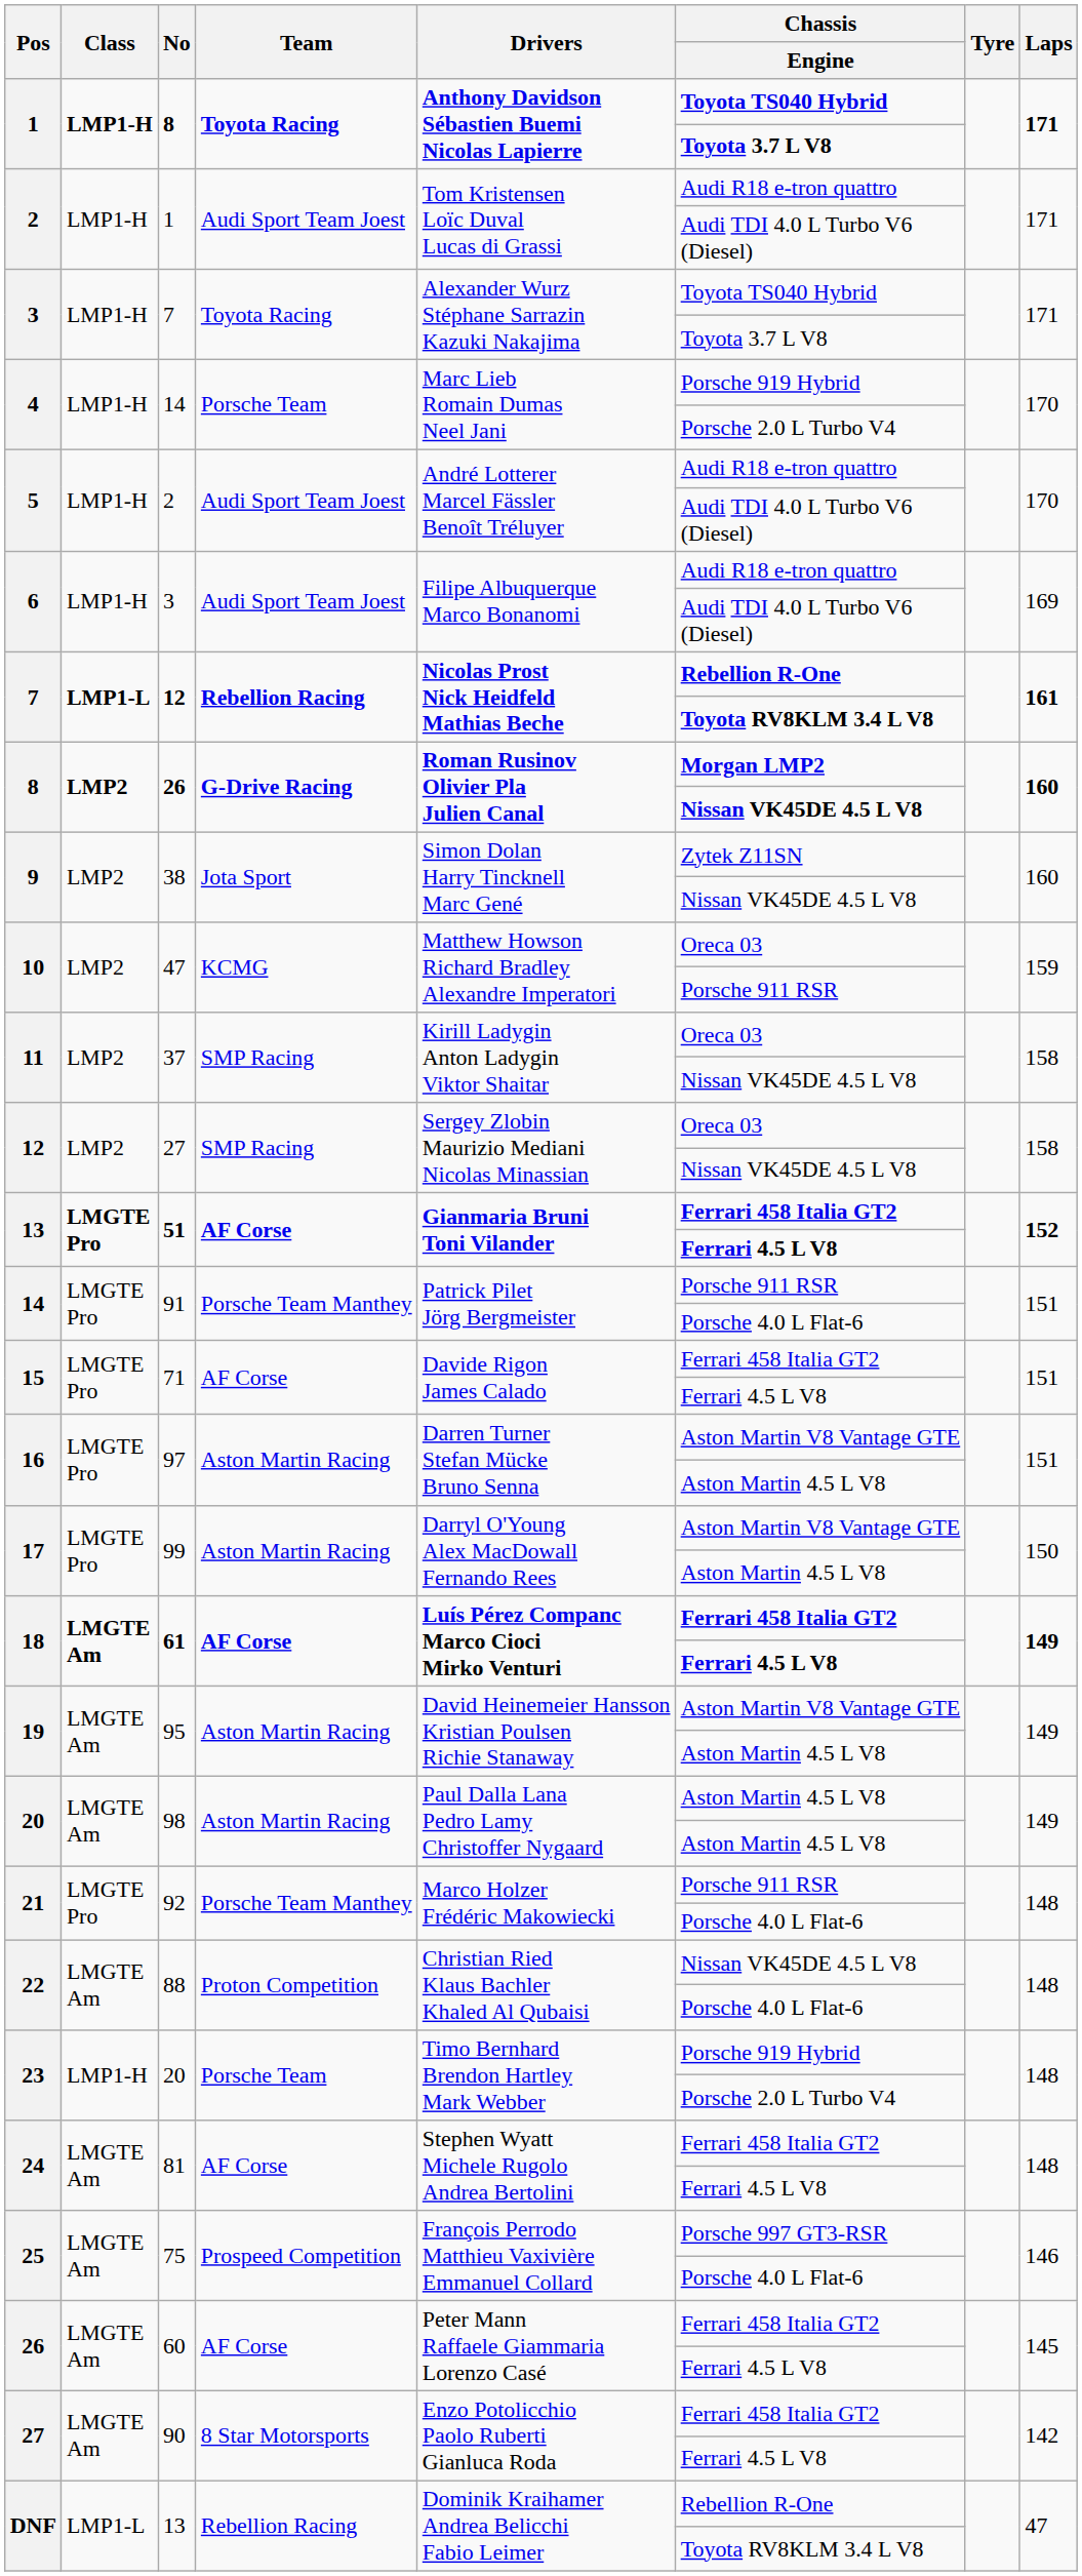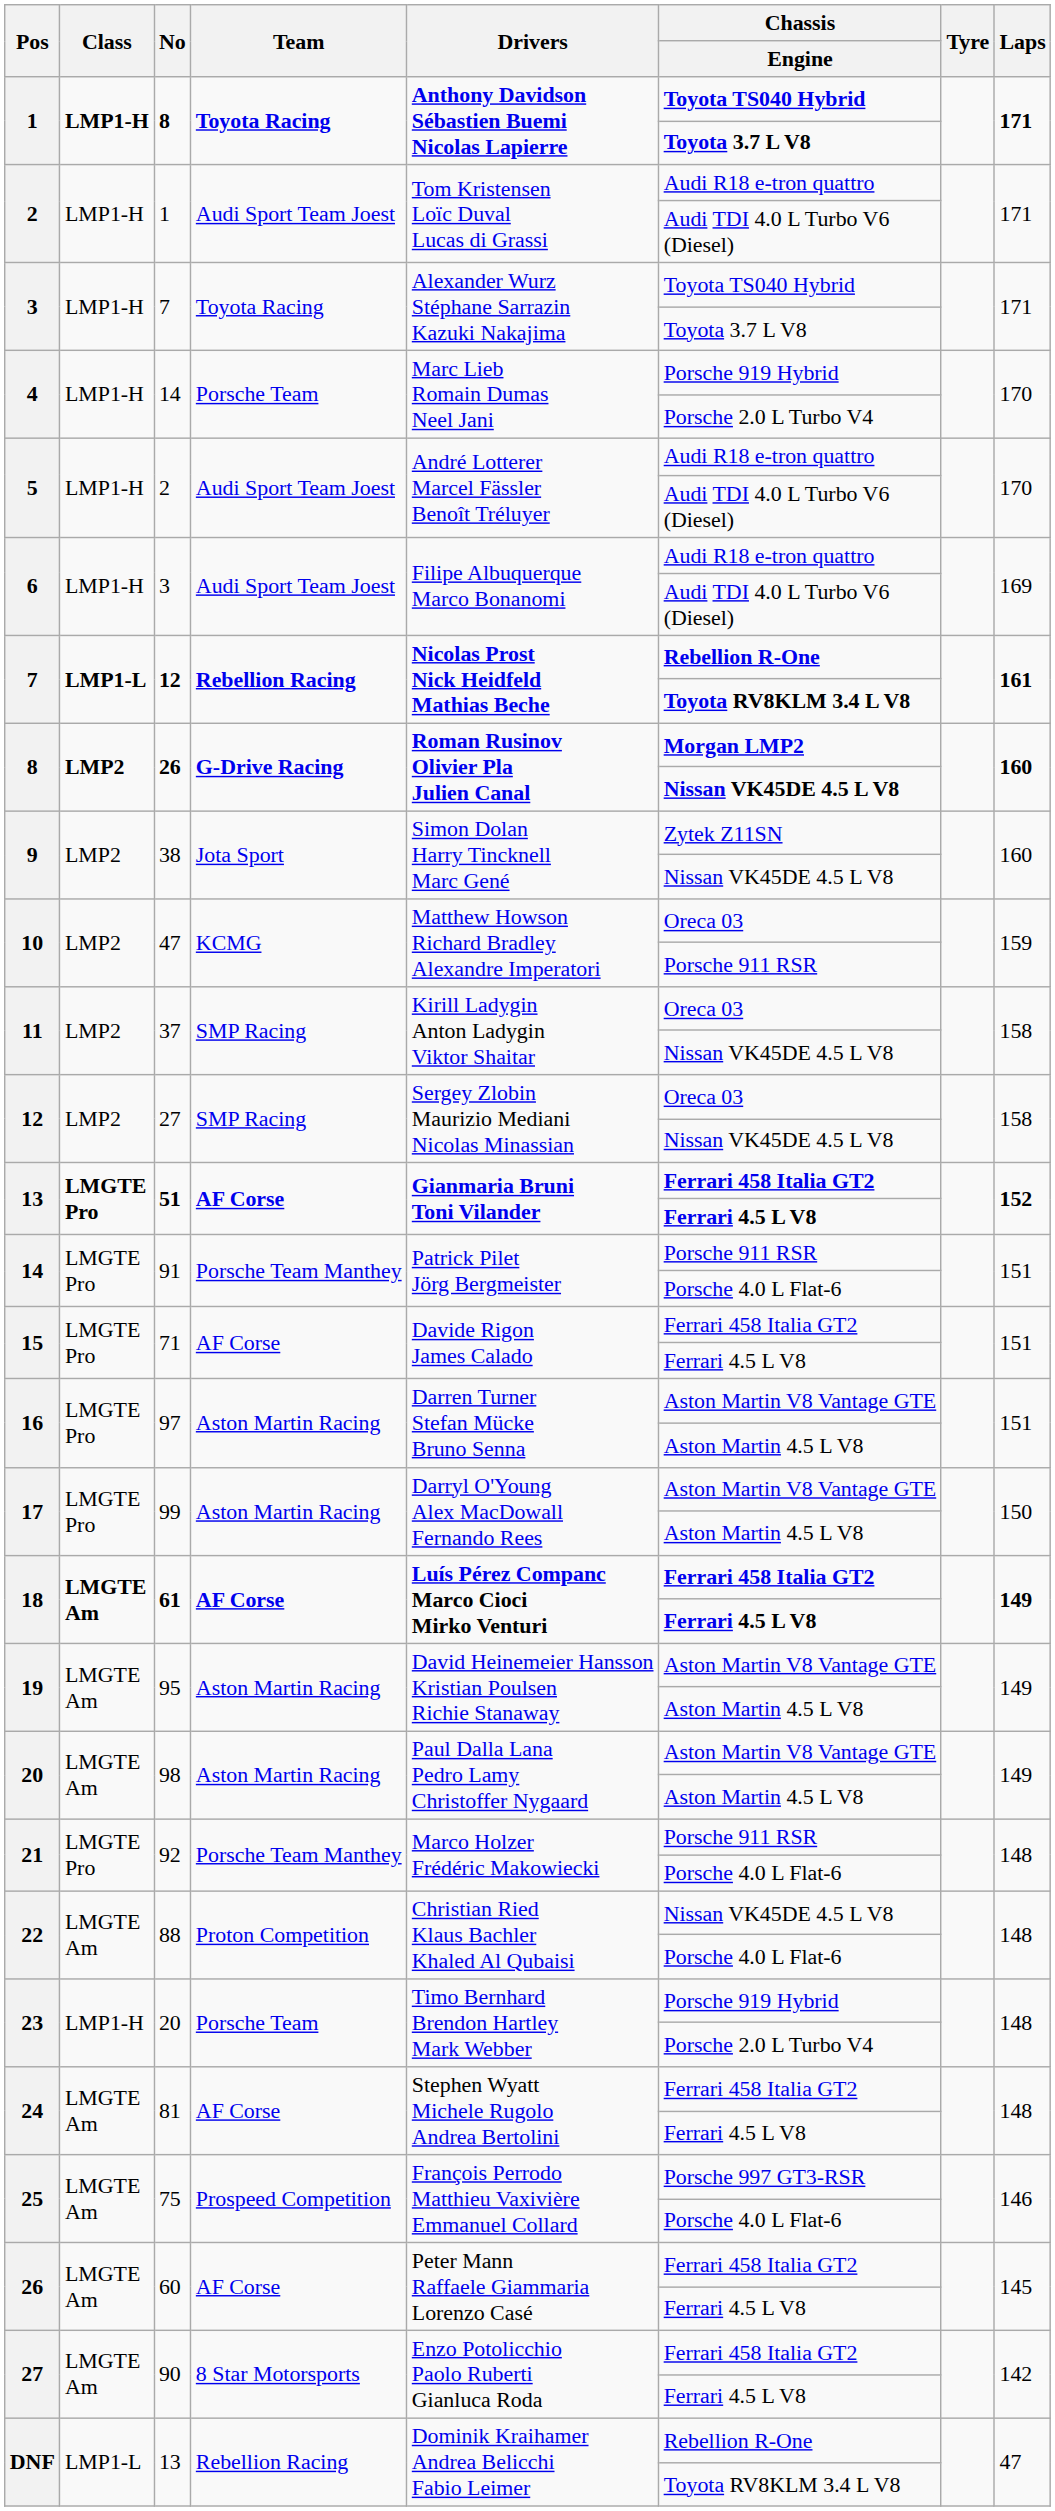 <table class="wikitable" style="font-size: 95%;">
 <tr>
 <th rowspan=2>Pos</th>
 <th rowspan=2>Class</th>
 <th rowspan=2>No</th>
 <th rowspan=2>Team</th>
 <th rowspan=2>Drivers</th>
 <th>Chassis</th>
 <th rowspan=2>Tyre</th>
 <th rowspan=2>Laps</th>
 </tr>
 <tr>
 <th>Engine</th>
 </tr>
 <tr style="font-weight:bold">
 <th rowspan=2>1</th>
 <td rowspan=2>LMP1-H</td>
 <td rowspan=2>8</td>
 <td rowspan=2> <a href='#'>Toyota Racing</a></td>
 <td rowspan=2> <a href='#'>Anthony Davidson</a><br> <a href='#'>Sébastien Buemi</a><br> <a href='#'>Nicolas Lapierre</a></td>
 <td><a href='#'>Toyota TS040 Hybrid</a></td>
 <td rowspan=2></td>
 <td rowspan=2>171</td>
 </tr>
 <tr style="font-weight:bold">
 <td><a href='#'>Toyota</a> 3.7 L V8</td>
 </tr>
 <tr>
 <th rowspan=2>2</th>
 <td rowspan=2>LMP1-H</td>
 <td rowspan=2>1</td>
 <td rowspan=2> <a href='#'>Audi Sport Team Joest</a></td>
 <td rowspan=2> <a href='#'>Tom Kristensen</a><br> <a href='#'>Loïc Duval</a><br> <a href='#'>Lucas di Grassi</a></td>
 <td><a href='#'>Audi R18 e-tron quattro</a></td>
 <td rowspan=2></td>
 <td rowspan=2>171</td>
 </tr>
 <tr>
 <td><a href='#'>Audi</a> <a href='#'>TDI</a> 4.0 L Turbo V6<br>(Diesel)</td>
 </tr>
 <tr>
 <th rowspan=2>3</th>
 <td rowspan=2>LMP1-H</td>
 <td rowspan=2>7</td>
 <td rowspan=2> <a href='#'>Toyota Racing</a></td>
 <td rowspan=2> <a href='#'>Alexander Wurz</a><br> <a href='#'>Stéphane Sarrazin</a><br> <a href='#'>Kazuki Nakajima</a></td>
 <td><a href='#'>Toyota TS040 Hybrid</a></td>
 <td rowspan=2></td>
 <td rowspan=2>171</td>
 </tr>
 <tr>
 <td><a href='#'>Toyota</a> 3.7 L V8</td>
 </tr>
 <tr>
 <th rowspan=2>4</th>
 <td rowspan=2>LMP1-H</td>
 <td rowspan=2>14</td>
 <td rowspan=2> <a href='#'>Porsche Team</a></td>
 <td rowspan=2> <a href='#'>Marc Lieb</a><br> <a href='#'>Romain Dumas</a><br> <a href='#'>Neel Jani</a></td>
 <td><a href='#'>Porsche 919 Hybrid</a></td>
 <td rowspan=2></td>
 <td rowspan=2>170</td>
 </tr>
 <tr>
 <td><a href='#'>Porsche</a> 2.0 L Turbo V4</td>
 </tr>
 <tr>
 <th rowspan=2>5</th>
 <td rowspan=2>LMP1-H</td>
 <td rowspan=2>2</td>
 <td rowspan=2> <a href='#'>Audi Sport Team Joest</a></td>
 <td rowspan=2> <a href='#'>André Lotterer</a><br> <a href='#'>Marcel Fässler</a><br> <a href='#'>Benoît Tréluyer</a></td>
 <td><a href='#'>Audi R18 e-tron quattro</a></td>
 <td rowspan=2></td>
 <td rowspan=2>170</td>
 </tr>
 <tr>
 <td><a href='#'>Audi</a> <a href='#'>TDI</a> 4.0 L Turbo V6<br>(Diesel)</td>
 </tr>
 <tr>
 <th rowspan=2>6</th>
 <td rowspan=2>LMP1-H</td>
 <td rowspan=2>3</td>
 <td rowspan=2> <a href='#'>Audi Sport Team Joest</a></td>
 <td rowspan=2> <a href='#'>Filipe Albuquerque</a><br> <a href='#'>Marco Bonanomi</a></td>
 <td><a href='#'>Audi R18 e-tron quattro</a></td>
 <td rowspan=2></td>
 <td rowspan=2>169</td>
 </tr>
 <tr>
 <td><a href='#'>Audi</a> <a href='#'>TDI</a> 4.0 L Turbo V6<br>(Diesel)</td>
 </tr>
 <tr style="font-weight:bold">
 <th rowspan=2>7</th>
 <td rowspan=2>LMP1-L</td>
 <td rowspan=2>12</td>
 <td rowspan=2> <a href='#'>Rebellion Racing</a></td>
 <td rowspan=2> <a href='#'>Nicolas Prost</a><br> <a href='#'>Nick Heidfeld</a><br> <a href='#'>Mathias Beche</a></td>
 <td><a href='#'>Rebellion R-One</a></td>
 <td rowspan=2></td>
 <td rowspan=2>161</td>
 </tr>
 <tr style="font-weight:bold">
 <td><a href='#'>Toyota</a> RV8KLM 3.4 L V8</td>
 </tr>
 <tr style="font-weight:bold">
 <th rowspan=2>8</th>
 <td rowspan=2>LMP2</td>
 <td rowspan=2>26</td>
 <td rowspan=2> <a href='#'>G-Drive Racing</a></td>
 <td rowspan=2> <a href='#'>Roman Rusinov</a><br> <a href='#'>Olivier Pla</a><br> <a href='#'>Julien Canal</a></td>
 <td><a href='#'>Morgan LMP2</a></td>
 <td rowspan=2></td>
 <td rowspan=2>160</td>
 </tr>
 <tr style="font-weight:bold">
 <td><a href='#'>Nissan</a> VK45DE 4.5 L V8</td>
 </tr>
 <tr>
 <th rowspan=2>9</th>
 <td rowspan=2>LMP2</td>
 <td rowspan=2>38</td>
 <td rowspan=2> <a href='#'>Jota Sport</a></td>
 <td rowspan=2> <a href='#'>Simon Dolan</a><br> <a href='#'>Harry Tincknell</a><br> <a href='#'>Marc Gené</a></td>
 <td><a href='#'>Zytek Z11SN</a></td>
 <td rowspan=2></td>
 <td rowspan=2>160</td>
 </tr>
 <tr>
 <td><a href='#'>Nissan</a> VK45DE 4.5 L V8</td>
 </tr>
 <tr>
 <th rowspan=2>10</th>
 <td rowspan=2>LMP2</td>
 <td rowspan=2>47</td>
 <td rowspan=2> <a href='#'>KCMG</a></td>
 <td rowspan=2> <a href='#'>Matthew Howson</a><br> <a href='#'>Richard Bradley</a><br> <a href='#'>Alexandre Imperatori</a></td>
 <td><a href='#'>Oreca 03</a></td>
 <td rowspan=2></td>
 <td rowspan=2>159</td>
 </tr>
 <tr>
 <td><a href='#'>Porsche 911 RSR</a></td>
 </tr>
 <tr>
 <th rowspan=2>11</th>
 <td rowspan=2>LMP2</td>
 <td rowspan=2>37</td>
 <td rowspan=2> <a href='#'>SMP Racing</a></td>
 <td rowspan=2> <a href='#'>Kirill Ladygin</a><br> Anton Ladygin<br> <a href='#'>Viktor Shaitar</a></td>
 <td><a href='#'>Oreca 03</a></td>
 <td rowspan=2></td>
 <td rowspan=2>158</td>
 </tr>
 <tr>
 <td><a href='#'>Nissan</a> VK45DE 4.5 L V8</td>
 </tr>
 <tr>
 <th rowspan=2>12</th>
 <td rowspan=2>LMP2</td>
 <td rowspan=2>27</td>
 <td rowspan=2> <a href='#'>SMP Racing</a></td>
 <td rowspan=2> <a href='#'>Sergey Zlobin</a><br> Maurizio Mediani<br> <a href='#'>Nicolas Minassian</a></td>
 <td><a href='#'>Oreca 03</a></td>
 <td rowspan=2></td>
 <td rowspan=2>158</td>
 </tr>
 <tr>
 <td><a href='#'>Nissan</a> VK45DE 4.5 L V8</td>
 </tr>
 <tr style="font-weight:bold">
 <th rowspan=2>13</th>
 <td rowspan=2>LMGTE<br>Pro</td>
 <td rowspan=2>51</td>
 <td rowspan=2> <a href='#'>AF Corse</a></td>
 <td rowspan=2> <a href='#'>Gianmaria Bruni</a><br> <a href='#'>Toni Vilander</a></td>
 <td><a href='#'>Ferrari 458 Italia GT2</a></td>
 <td rowspan=2></td>
 <td rowspan=2>152</td>
 </tr>
 <tr style="font-weight:bold">
 <td><a href='#'>Ferrari</a> 4.5 L V8</td>
 </tr>
 <tr>
 <th rowspan=2>14</th>
 <td rowspan=2>LMGTE<br>Pro</td>
 <td rowspan=2>91</td>
 <td rowspan=2> <a href='#'>Porsche Team Manthey</a></td>
 <td rowspan=2> <a href='#'>Patrick Pilet</a><br> <a href='#'>Jörg Bergmeister</a></td>
 <td><a href='#'>Porsche 911 RSR</a></td>
 <td rowspan=2></td>
 <td rowspan=2>151</td>
 </tr>
 <tr>
 <td><a href='#'>Porsche</a> 4.0 L Flat-6</td>
 </tr>
 <tr>
 <th rowspan=2>15</th>
 <td rowspan=2>LMGTE<br>Pro</td>
 <td rowspan=2>71</td>
 <td rowspan=2> <a href='#'>AF Corse</a></td>
 <td rowspan=2> <a href='#'>Davide Rigon</a><br> <a href='#'>James Calado</a></td>
 <td><a href='#'>Ferrari 458 Italia GT2</a></td>
 <td rowspan=2></td>
 <td rowspan=2>151</td>
 </tr>
 <tr>
 <td><a href='#'>Ferrari</a> 4.5 L V8</td>
 </tr>
 <tr>
 <th rowspan=2>16</th>
 <td rowspan=2>LMGTE<br>Pro</td>
 <td rowspan=2>97</td>
 <td rowspan=2> <a href='#'>Aston Martin Racing</a></td>
 <td rowspan=2> <a href='#'>Darren Turner</a><br> <a href='#'>Stefan Mücke</a><br> <a href='#'>Bruno Senna</a></td>
 <td><a href='#'>Aston Martin V8 Vantage GTE</a></td>
 <td rowspan=2></td>
 <td rowspan=2>151</td>
 </tr>
 <tr>
 <td><a href='#'>Aston Martin</a> 4.5 L V8</td>
 </tr>
 <tr>
 <th rowspan=2>17</th>
 <td rowspan=2>LMGTE<br>Pro</td>
 <td rowspan=2>99</td>
 <td rowspan=2> <a href='#'>Aston Martin Racing</a></td>
 <td rowspan=2> <a href='#'>Darryl O'Young</a><br> <a href='#'>Alex MacDowall</a><br> <a href='#'>Fernando Rees</a></td>
 <td><a href='#'>Aston Martin V8 Vantage GTE</a></td>
 <td rowspan=2></td>
 <td rowspan=2>150</td>
 </tr>
 <tr>
 <td><a href='#'>Aston Martin</a> 4.5 L V8</td>
 </tr>
 <tr style="font-weight:bold">
 <th rowspan=2>18</th>
 <td rowspan=2>LMGTE<br>Am</td>
 <td rowspan=2>61</td>
 <td rowspan=2> <a href='#'>AF Corse</a></td>
 <td rowspan=2> <a href='#'>Luís Pérez Companc</a><br> Marco Cioci<br> Mirko Venturi</td>
 <td><a href='#'>Ferrari 458 Italia GT2</a></td>
 <td rowspan=2></td>
 <td rowspan=2>149</td>
 </tr>
 <tr style="font-weight:bold">
 <td><a href='#'>Ferrari</a> 4.5 L V8</td>
 </tr>
 <tr>
 <th rowspan=2>19</th>
 <td rowspan=2>LMGTE<br>Am</td>
 <td rowspan=2>95</td>
 <td rowspan=2> <a href='#'>Aston Martin Racing</a></td>
 <td rowspan=2> <a href='#'>David Heinemeier Hansson</a><br> <a href='#'>Kristian Poulsen</a><br> <a href='#'>Richie Stanaway</a></td>
 <td><a href='#'>Aston Martin V8 Vantage GTE</a></td>
 <td rowspan=2></td>
 <td rowspan=2>149</td>
 </tr>
 <tr>
 <td><a href='#'>Aston Martin</a> 4.5 L V8</td>
 </tr>
 <tr>
 <th rowspan=2>20</th>
 <td rowspan=2>LMGTE<br>Am</td>
 <td rowspan=2>98</td>
 <td rowspan=2> <a href='#'>Aston Martin Racing</a></td>
 <td rowspan=2> <a href='#'>Paul Dalla Lana</a><br> <a href='#'>Pedro Lamy</a><br> <a href='#'>Christoffer Nygaard</a></td>
-<td><a href='#'>Aston Martin</a> 4.5 L V8</td>
+<td><a href='#'>Aston Martin V8 Vantage GTE</a></td>
 <td rowspan=2></td>
 <td rowspan=2>149</td>
 </tr>
 <tr>
 <td><a href='#'>Aston Martin</a> 4.5 L V8</td>
 </tr>
 <tr>
 <th rowspan=2>21</th>
 <td rowspan=2>LMGTE<br>Pro</td>
 <td rowspan=2>92</td>
 <td rowspan=2> <a href='#'>Porsche Team Manthey</a></td>
 <td rowspan=2> <a href='#'>Marco Holzer</a><br> <a href='#'>Frédéric Makowiecki</a></td>
 <td><a href='#'>Porsche 911 RSR</a></td>
 <td rowspan=2></td>
 <td rowspan=2>148</td>
 </tr>
 <tr>
 <td><a href='#'>Porsche</a> 4.0 L Flat-6</td>
 </tr>
 <tr>
 <th rowspan=2>22</th>
 <td rowspan=2>LMGTE<br>Am</td>
 <td rowspan=2>88</td>
 <td rowspan=2> <a href='#'>Proton Competition</a></td>
 <td rowspan=2> <a href='#'>Christian Ried</a><br> <a href='#'>Klaus Bachler</a><br> <a href='#'>Khaled Al Qubaisi</a></td>
 <td><a href='#'>Nissan</a> VK45DE 4.5 L V8</td>
 <td rowspan=2></td>
 <td rowspan=2>148</td>
 </tr>
 <tr>
 <td><a href='#'>Porsche</a> 4.0 L Flat-6</td>
 </tr>
 <tr>
 <th rowspan=2>23</th>
 <td rowspan=2>LMP1-H</td>
 <td rowspan=2>20</td>
 <td rowspan=2> <a href='#'>Porsche Team</a></td>
 <td rowspan=2> <a href='#'>Timo Bernhard</a><br> <a href='#'>Brendon Hartley</a><br> <a href='#'>Mark Webber</a></td>
 <td><a href='#'>Porsche 919 Hybrid</a></td>
 <td rowspan=2></td>
 <td rowspan=2>148</td>
 </tr>
 <tr>
 <td><a href='#'>Porsche</a> 2.0 L Turbo V4</td>
 </tr>
 <tr>
 <th rowspan=2>24</th>
 <td rowspan=2>LMGTE<br>Am</td>
 <td rowspan=2>81</td>
 <td rowspan=2> <a href='#'>AF Corse</a></td>
 <td rowspan=2> Stephen Wyatt<br> <a href='#'>Michele Rugolo</a><br> <a href='#'>Andrea Bertolini</a></td>
 <td><a href='#'>Ferrari 458 Italia GT2</a></td>
 <td rowspan=2></td>
 <td rowspan=2>148</td>
 </tr>
 <tr>
 <td><a href='#'>Ferrari</a> 4.5 L V8</td>
 </tr>
 <tr>
 <th rowspan=2>25</th>
 <td rowspan=2>LMGTE<br>Am</td>
 <td rowspan=2>75</td>
 <td rowspan=2> <a href='#'>Prospeed Competition</a></td>
 <td rowspan=2> <a href='#'>François Perrodo</a><br> <a href='#'>Matthieu Vaxivière</a><br> <a href='#'>Emmanuel Collard</a></td>
 <td><a href='#'>Porsche 997 GT3-RSR</a></td>
 <td rowspan=2></td>
 <td rowspan=2>146</td>
 </tr>
 <tr>
 <td><a href='#'>Porsche</a> 4.0 L Flat-6</td>
 </tr>
 <tr>
 <th rowspan=2>26</th>
 <td rowspan=2>LMGTE<br>Am</td>
 <td rowspan=2>60</td>
 <td rowspan=2> <a href='#'>AF Corse</a></td>
 <td rowspan=2> Peter Mann<br> <a href='#'>Raffaele Giammaria</a><br> Lorenzo Casé</td>
 <td><a href='#'>Ferrari 458 Italia GT2</a></td>
 <td rowspan=2></td>
 <td rowspan=2>145</td>
 </tr>
 <tr>
 <td><a href='#'>Ferrari</a> 4.5 L V8</td>
 </tr>
 <tr>
 <th rowspan=2>27</th>
 <td rowspan=2>LMGTE<br>Am</td>
 <td rowspan=2>90</td>
 <td rowspan=2> <a href='#'>8 Star Motorsports</a></td>
 <td rowspan=2> <a href='#'>Enzo Potolicchio</a><br> <a href='#'>Paolo Ruberti</a><br> Gianluca Roda</td>
 <td><a href='#'>Ferrari 458 Italia GT2</a></td>
 <td rowspan=2></td>
 <td rowspan=2>142</td>
 </tr>
 <tr>
 <td><a href='#'>Ferrari</a> 4.5 L V8</td>
 </tr>
 <tr>
 <th rowspan=2>DNF</th>
 <td rowspan=2>LMP1-L</td>
 <td rowspan=2>13</td>
 <td rowspan=2> <a href='#'>Rebellion Racing</a></td>
 <td rowspan=2> <a href='#'>Dominik Kraihamer</a><br> <a href='#'>Andrea Belicchi</a><br> <a href='#'>Fabio Leimer</a></td>
 <td><a href='#'>Rebellion R-One</a></td>
 <td rowspan=2></td>
 <td rowspan=2>47</td>
 </tr>
 <tr>
 <td><a href='#'>Toyota</a> RV8KLM 3.4 L V8</td>
 </tr>
 </table>
